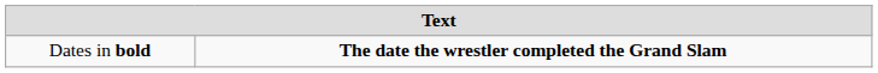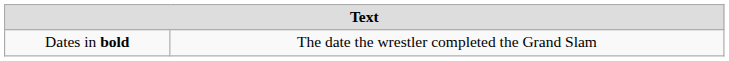 <table class="wikitable" width="50%" style="font-size:85%; text-align:center;">
 <tr>
 <th style="background: #DDDDDD;" colspan="2">Text</th>
 </tr>
 <tr>
 <td>Dates in <strong>bold</strong></td>
-<td><strong>The date the wrestler completed the Grand Slam</strong></td>
+<td>The date the wrestler completed the Grand Slam</td>
 </tr>
 </table>
